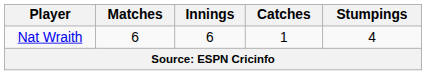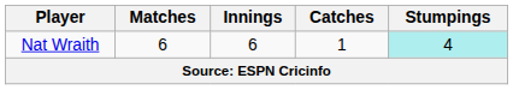 <table class="wikitable" style="text-align:center; width:55%;">
 <tr>
 <th>Player</th>
 <th>Matches</th>
 <th>Innings</th>
 <th>Catches</th>
 <th>Stumpings</th>
 </tr>
 <tr>
 <td><a href='#'>Nat Wraith</a></td>
 <td>6</td>
 <td>6</td>
 <td>1</td>
-<td>4</td>
+<td style="background: paleturquoise;">4</td>
 </tr>
 <tr>
 <th colspan="5"><small>Source: ESPN Cricinfo </small></th>
 </tr>
 </table>
